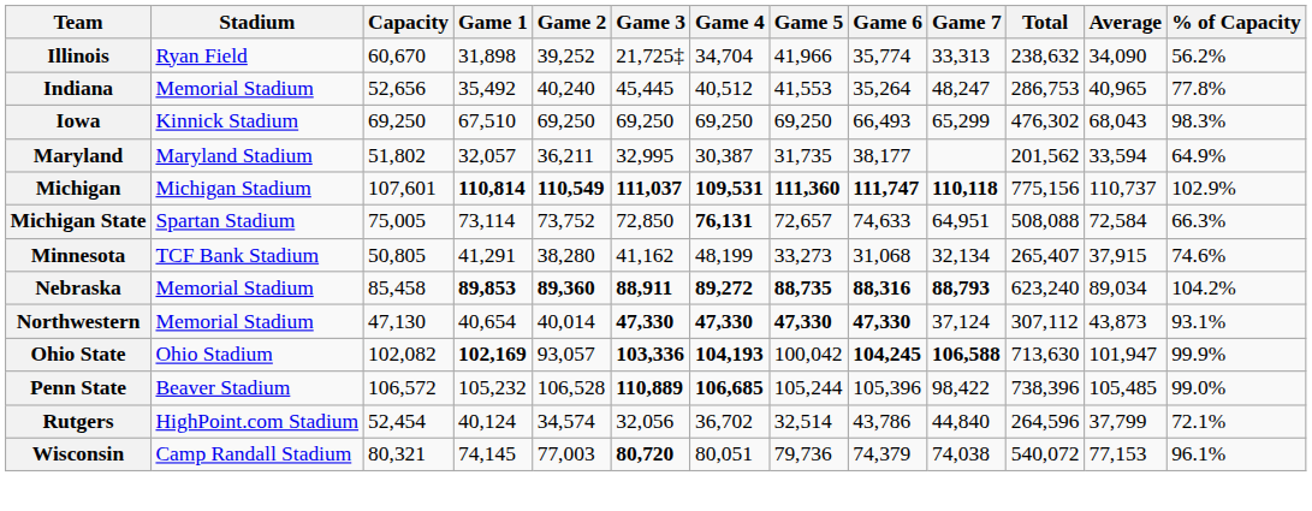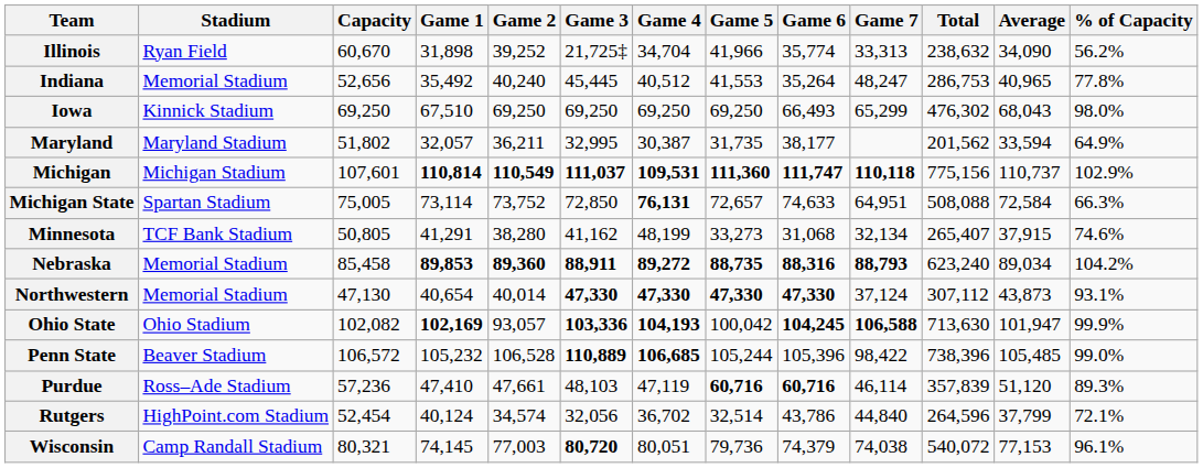 <table class="wikitable sortable">
 <tr>
 <th>Team</th>
 <th>Stadium</th>
 <th>Capacity</th>
 <th>Game 1</th>
 <th>Game 2</th>
 <th>Game 3</th>
 <th>Game 4</th>
 <th>Game 5</th>
 <th>Game 6</th>
 <th>Game 7</th>
 <th>Total</th>
 <th>Average</th>
 <th>% of Capacity</th>
 </tr>
 <tr>
 <th>Illinois</th>
 <td><a href='#'>Ryan Field</a></td>
 <td>60,670</td>
 <td>31,898</td>
 <td>39,252</td>
 <td>21,725‡</td>
 <td>34,704</td>
 <td>41,966</td>
 <td>35,774</td>
 <td>33,313</td>
 <td>238,632</td>
 <td>34,090</td>
 <td>56.2%</td>
 </tr>
 <tr>
 <th>Indiana</th>
 <td><a href='#'>Memorial Stadium</a></td>
 <td>52,656</td>
 <td>35,492</td>
 <td>40,240</td>
 <td>45,445</td>
 <td>40,512</td>
 <td>41,553</td>
 <td>35,264</td>
 <td>48,247</td>
 <td>286,753</td>
 <td>40,965</td>
 <td>77.8%</td>
 </tr>
 <tr>
 <th>Iowa</th>
 <td><a href='#'>Kinnick Stadium</a></td>
 <td>69,250</td>
 <td>67,510</td>
 <td>69,250</td>
 <td>69,250</td>
 <td>69,250</td>
 <td>69,250</td>
 <td>66,493</td>
 <td>65,299</td>
 <td>476,302</td>
 <td>68,043</td>
-<td>98.3%</td>
+<td>98.0%</td>
 </tr>
 <tr>
 <th>Maryland</th>
 <td><a href='#'>Maryland Stadium</a></td>
 <td>51,802</td>
 <td>32,057</td>
 <td>36,211</td>
 <td>32,995</td>
 <td>30,387</td>
 <td>31,735</td>
 <td>38,177</td>
 <td> </td>
 <td>201,562</td>
 <td>33,594</td>
 <td>64.9%</td>
 </tr>
 <tr>
 <th>Michigan</th>
 <td><a href='#'>Michigan Stadium</a></td>
 <td>107,601</td>
 <td><strong>110,814</strong></td>
 <td><strong>110,549</strong></td>
 <td><strong>111,037</strong></td>
 <td><strong>109,531</strong></td>
 <td><strong>111,360</strong></td>
 <td><strong>111,747</strong></td>
 <td><strong>110,118</strong></td>
 <td>775,156</td>
 <td>110,737</td>
 <td>102.9%</td>
 </tr>
 <tr>
 <th>Michigan State</th>
 <td><a href='#'>Spartan Stadium</a></td>
 <td>75,005</td>
 <td>73,114</td>
 <td>73,752</td>
 <td>72,850</td>
 <td><strong>76,131</strong></td>
 <td>72,657</td>
 <td>74,633</td>
 <td>64,951</td>
 <td>508,088</td>
 <td>72,584</td>
 <td>66.3%</td>
 </tr>
 <tr>
 <th>Minnesota</th>
 <td><a href='#'>TCF Bank Stadium</a></td>
 <td>50,805 </td>
 <td>41,291</td>
 <td>38,280</td>
 <td>41,162</td>
 <td>48,199</td>
 <td>33,273</td>
 <td>31,068</td>
 <td>32,134</td>
 <td>265,407</td>
 <td>37,915</td>
 <td>74.6%</td>
 </tr>
 <tr>
 <th>Nebraska</th>
 <td><a href='#'>Memorial Stadium</a></td>
 <td>85,458</td>
 <td><strong>89,853</strong></td>
 <td><strong>89,360</strong></td>
 <td><strong>88,911</strong></td>
 <td><strong>89,272</strong></td>
 <td><strong>88,735</strong></td>
 <td><strong>88,316</strong></td>
 <td><strong>88,793</strong></td>
 <td>623,240</td>
 <td>89,034</td>
 <td>104.2%</td>
 </tr>
 <tr>
 <th>Northwestern</th>
 <td><a href='#'>Memorial Stadium</a></td>
 <td>47,130</td>
 <td>40,654</td>
 <td>40,014</td>
 <td><strong>47,330</strong></td>
 <td><strong>47,330</strong></td>
 <td><strong>47,330</strong></td>
 <td><strong>47,330</strong></td>
 <td>37,124</td>
 <td>307,112</td>
 <td>43,873</td>
 <td>93.1%</td>
 </tr>
 <tr>
 <th>Ohio State</th>
 <td><a href='#'>Ohio Stadium</a></td>
 <td>102,082</td>
 <td><strong>102,169</strong></td>
 <td>93,057</td>
 <td><strong>103,336</strong></td>
 <td><strong>104,193</strong></td>
 <td>100,042</td>
 <td><strong>104,245</strong></td>
 <td><strong>106,588</strong></td>
 <td>713,630</td>
 <td>101,947</td>
 <td>99.9%</td>
 </tr>
 <tr>
 <th>Penn State</th>
 <td><a href='#'>Beaver Stadium</a></td>
 <td>106,572</td>
 <td>105,232</td>
 <td>106,528</td>
 <td><strong>110,889</strong></td>
 <td><strong>106,685</strong></td>
 <td>105,244</td>
 <td>105,396</td>
 <td>98,422</td>
 <td>738,396</td>
 <td>105,485</td>
 <td>99.0%</td>
 </tr>
 <tr>
+<th>Purdue</th>
+<td><a href='#'>Ross–Ade Stadium</a></td>
+<td>57,236</td>
+<td>47,410</td>
+<td>47,661</td>
+<td>48,103</td>
+<td>47,119</td>
+<td><strong>60,716</strong></td>
+<td><strong>60,716</strong></td>
+<td>46,114</td>
+<td>357,839</td>
+<td>51,120</td>
+<td>89.3%</td>
+</tr>
+<tr>
 <th>Rutgers</th>
 <td><a href='#'>HighPoint.com Stadium</a></td>
 <td>52,454</td>
 <td>40,124</td>
 <td>34,574</td>
 <td>32,056</td>
 <td>36,702</td>
 <td>32,514</td>
 <td>43,786</td>
 <td>44,840</td>
 <td>264,596</td>
 <td>37,799</td>
 <td>72.1%</td>
 </tr>
 <tr>
 <th>Wisconsin</th>
 <td><a href='#'>Camp Randall Stadium</a></td>
 <td>80,321</td>
 <td>74,145</td>
 <td>77,003</td>
 <td><strong>80,720</strong></td>
 <td>80,051</td>
 <td>79,736</td>
 <td>74,379</td>
 <td>74,038</td>
 <td>540,072</td>
 <td>77,153</td>
 <td>96.1%</td>
 </tr>
 </table>
